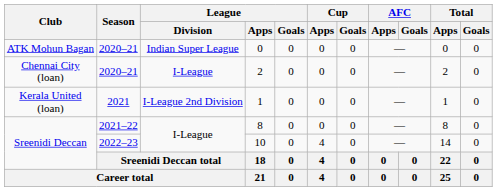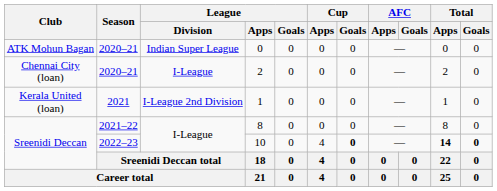 <table class=wikitable style=text-align:center>
 <tr>
 <th rowspan="2">Club</th>
 <th rowspan="2">Season</th>
 <th colspan="3">League</th>
 <th colspan="2">Cup</th>
 <th colspan="2"><a href='#'>AFC</a></th>
 <th colspan="2">Total</th>
 </tr>
 <tr>
 <th>Division</th>
 <th>Apps</th>
 <th>Goals</th>
 <th>Apps</th>
 <th>Goals</th>
 <th>Apps</th>
 <th>Goals</th>
 <th>Apps</th>
 <th>Goals</th>
 </tr>
 <tr>
 <td rowspan="1"><a href='#'>ATK Mohun Bagan</a></td>
 <td><a href='#'>2020–21</a></td>
 <td rowspan="1"><a href='#'>Indian Super League</a></td>
 <td>0</td>
 <td>0</td>
 <td>0</td>
 <td>0</td>
 <td colspan="2">—</td>
 <td>0</td>
 <td>0</td>
 </tr>
 <tr>
 <td rowspan="1"><a href='#'>Chennai City</a> <br>(loan)</td>
 <td><a href='#'>2020–21</a></td>
 <td rowspan="1"><a href='#'>I-League</a></td>
 <td>2</td>
 <td>0</td>
 <td>0</td>
 <td>0</td>
 <td colspan="2">—</td>
 <td>2</td>
 <td>0</td>
 </tr>
 <tr>
 <td rowspan="1"><a href='#'>Kerala United</a> <br>(loan)</td>
 <td><a href='#'>2021</a></td>
 <td rowspan="1"><a href='#'>I-League 2nd Division</a></td>
 <td>1</td>
 <td>0</td>
 <td>0</td>
 <td>0</td>
 <td colspan="2">—</td>
 <td>1</td>
 <td>0</td>
 </tr>
 <tr>
 <td rowspan="3"><a href='#'>Sreenidi Deccan</a></td>
 <td><a href='#'>2021–22</a></td>
 <td rowspan="2">I-League</td>
 <td>8</td>
 <td>0</td>
 <td>0</td>
 <td>0</td>
 <td colspan="2">—</td>
 <td>8</td>
 <td>0</td>
 </tr>
 <tr>
 <td><a href='#'>2022–23</a></td>
 <td>10</td>
 <td>0</td>
 <td>4</td>
-<td>0</td>
+<td><strong>0</strong></td>
 <td colspan="2">—</td>
-<td>14</td>
-<td>0</td>
+<td><strong>14</strong></td>
+<td><strong>0</strong></td>
 </tr>
 <tr>
 <th colspan="2">Sreenidi Deccan total</th>
 <th>18</th>
 <th>0</th>
 <th>4</th>
 <th>0</th>
 <th>0</th>
 <th>0</th>
 <th>22</th>
 <th>0</th>
 </tr>
 <tr>
 <th colspan="3">Career total</th>
 <th>21</th>
 <th>0</th>
 <th>4</th>
 <th>0</th>
 <th>0</th>
 <th>0</th>
 <th>25</th>
 <th>0</th>
 </tr>
 </table>
